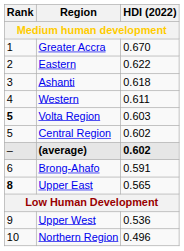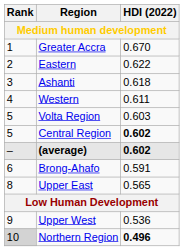 <table class="wikitable sortable">
 <tr>
 <th>Rank</th>
 <th>Region</th>
 <th>HDI (2022)</th>
 </tr>
 <tr>
 <th colspan="3" style="color:#fc0;">Medium human development</th>
 </tr>
 <tr>
 <td>1</td>
 <td><a href='#'>Greater Accra</a></td>
 <td>0.670</td>
 </tr>
 <tr>
 <td>2</td>
 <td><a href='#'>Eastern</a></td>
 <td>0.622</td>
 </tr>
 <tr>
 <td>3</td>
 <td><a href='#'>Ashanti</a></td>
 <td>0.618</td>
 </tr>
 <tr>
 <td>4</td>
 <td><a href='#'>Western</a></td>
 <td>0.611</td>
 </tr>
 <tr>
-<td><strong>5</strong></td>
+<td>5</td>
 <td><a href='#'>Volta Region</a></td>
 <td>0.603</td>
 </tr>
 <tr>
 <td>5</td>
 <td><a href='#'>Central Region</a></td>
-<td>0.602</td>
+<td><strong>0.602</strong></td>
 </tr>
 <tr style="background:#e6e6e6">
 <td>–</td>
 <td><strong> (average)</strong></td>
 <td><strong>0.602</strong></td>
 </tr>
 <tr>
 <td>6</td>
 <td><a href='#'>Brong-Ahafo</a></td>
 <td>0.591</td>
 </tr>
 <tr>
-<td><strong>8</strong></td>
+<td>8</td>
 <td><a href='#'>Upper East</a></td>
 <td>0.565</td>
 </tr>
 <tr>
 <th style="color:#900;" colspan="3">Low Human Development</th>
 </tr>
 <tr>
 <td>9</td>
 <td><a href='#'>Upper West</a></td>
 <td>0.536</td>
 </tr>
 <tr>
-<td>10</td>
+<td style="background: lightgrey;">10</td>
 <td><a href='#'>Northern Region</a></td>
-<td>0.496</td>
+<td><strong>0.496</strong></td>
 </tr>
 </table>
